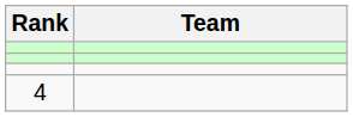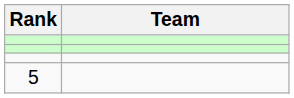 <table class="wikitable" style="text-align: center;">
 <tr>
 <th width=40>Rank</th>
 <th width=180>Team</th>
 </tr>
 <tr bgcolor=#ccffcc align=center>
 <td></td>
 <td style="text-align:left;"></td>
 </tr>
 <tr bgcolor=#ccffcc align=center>
 <td></td>
 <td style="text-align:left;"></td>
 </tr>
 <tr align=center>
 <td></td>
 <td style="text-align:left;"></td>
 </tr>
 <tr align=center>
-<td>4</td>
+<td>5</td>
 <td style="text-align:left;"></td>
 </tr>
 </table>
